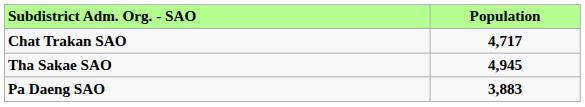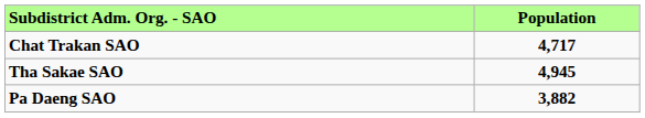 <table class="wikitable" style="width:48%; display:inline-table;">
 <tr>
 <th scope="col" style= "width:74%; background: #b4ff90; text-align:left;"><strong>Subdistrict Adm. Org. - SAO</strong></th>
 <th scope="col" style= "width:26%; background: #b4ff90; text-align:center;"><strong>Population</strong></th>
 </tr>
 <tr>
 <td><strong>Chat Trakan SAO</strong></td>
 <td style="text-align:center;"><strong>4,717</strong></td>
 </tr>
 <tr>
 <td><strong>Tha Sakae SAO</strong></td>
 <td style="text-align:center;"><strong>4,945</strong></td>
 </tr>
 <tr>
 <td><strong>Pa Daeng SAO</strong></td>
-<td style="text-align:center;"><strong>3,883</strong></td>
+<td style="text-align:center;"><strong>3,882</strong></td>
 </tr>
 </table>
